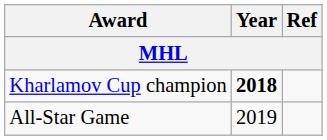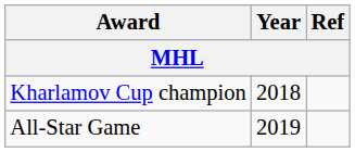 <table class="wikitable">
 <tr>
 <th>Award</th>
 <th>Year</th>
 <th>Ref</th>
 </tr>
 <tr>
 <th colspan="3"><a href='#'>MHL</a></th>
 </tr>
 <tr>
 <td><a href='#'>Kharlamov Cup</a> champion</td>
-<td><strong>2018</strong></td>
+<td>2018</td>
 <td></td>
 </tr>
 <tr>
 <td>All-Star Game</td>
 <td>2019</td>
 <td></td>
 </tr>
 </table>
